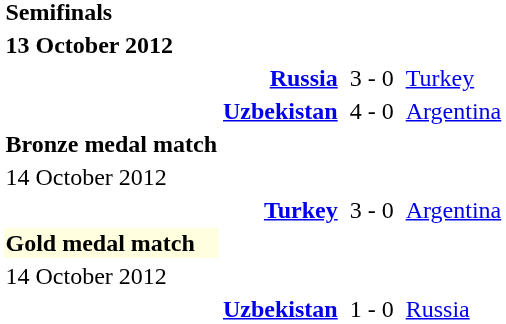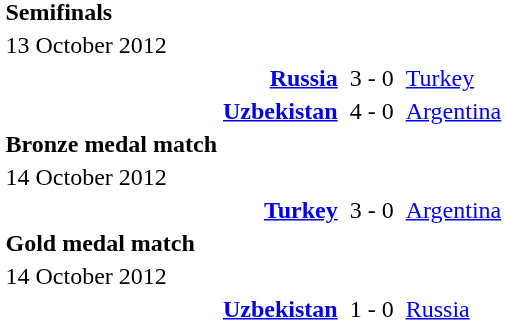 <table>
 <tr>
 <td><strong>Semifinals</strong></td>
 </tr>
 <tr>
-<td><strong>13 October 2012</strong></td>
+<td>13 October 2012</td>
 </tr>
 <tr>
 <td></td>
 <td align=right><strong><a href='#'>Russia</a></strong></td>
 <td></td>
 <td>3 - 0</td>
 <td></td>
 <td><a href='#'>Turkey</a></td>
 </tr>
 <tr>
 <td></td>
 <td align=right><strong><a href='#'>Uzbekistan</a></strong></td>
 <td></td>
 <td>4 - 0</td>
 <td></td>
 <td><a href='#'>Argentina</a></td>
 </tr>
 <tr>
 <td><strong>Bronze medal match</strong></td>
 </tr>
 <tr>
 <td>14 October 2012</td>
 </tr>
 <tr>
 <td></td>
 <td align=right><strong><a href='#'>Turkey</a></strong></td>
 <td></td>
 <td>3 - 0</td>
 <td></td>
 <td><a href='#'>Argentina</a></td>
 </tr>
 <tr>
-<td style="background: lightyellow;"><strong>Gold medal match</strong></td>
+<td><strong>Gold medal match</strong></td>
 </tr>
 <tr>
 <td>14 October 2012</td>
 </tr>
 <tr>
 <td></td>
 <td align=right><strong><a href='#'>Uzbekistan</a></strong></td>
 <td></td>
 <td>1 - 0</td>
 <td></td>
 <td><a href='#'>Russia</a></td>
 </tr>
 </table>
